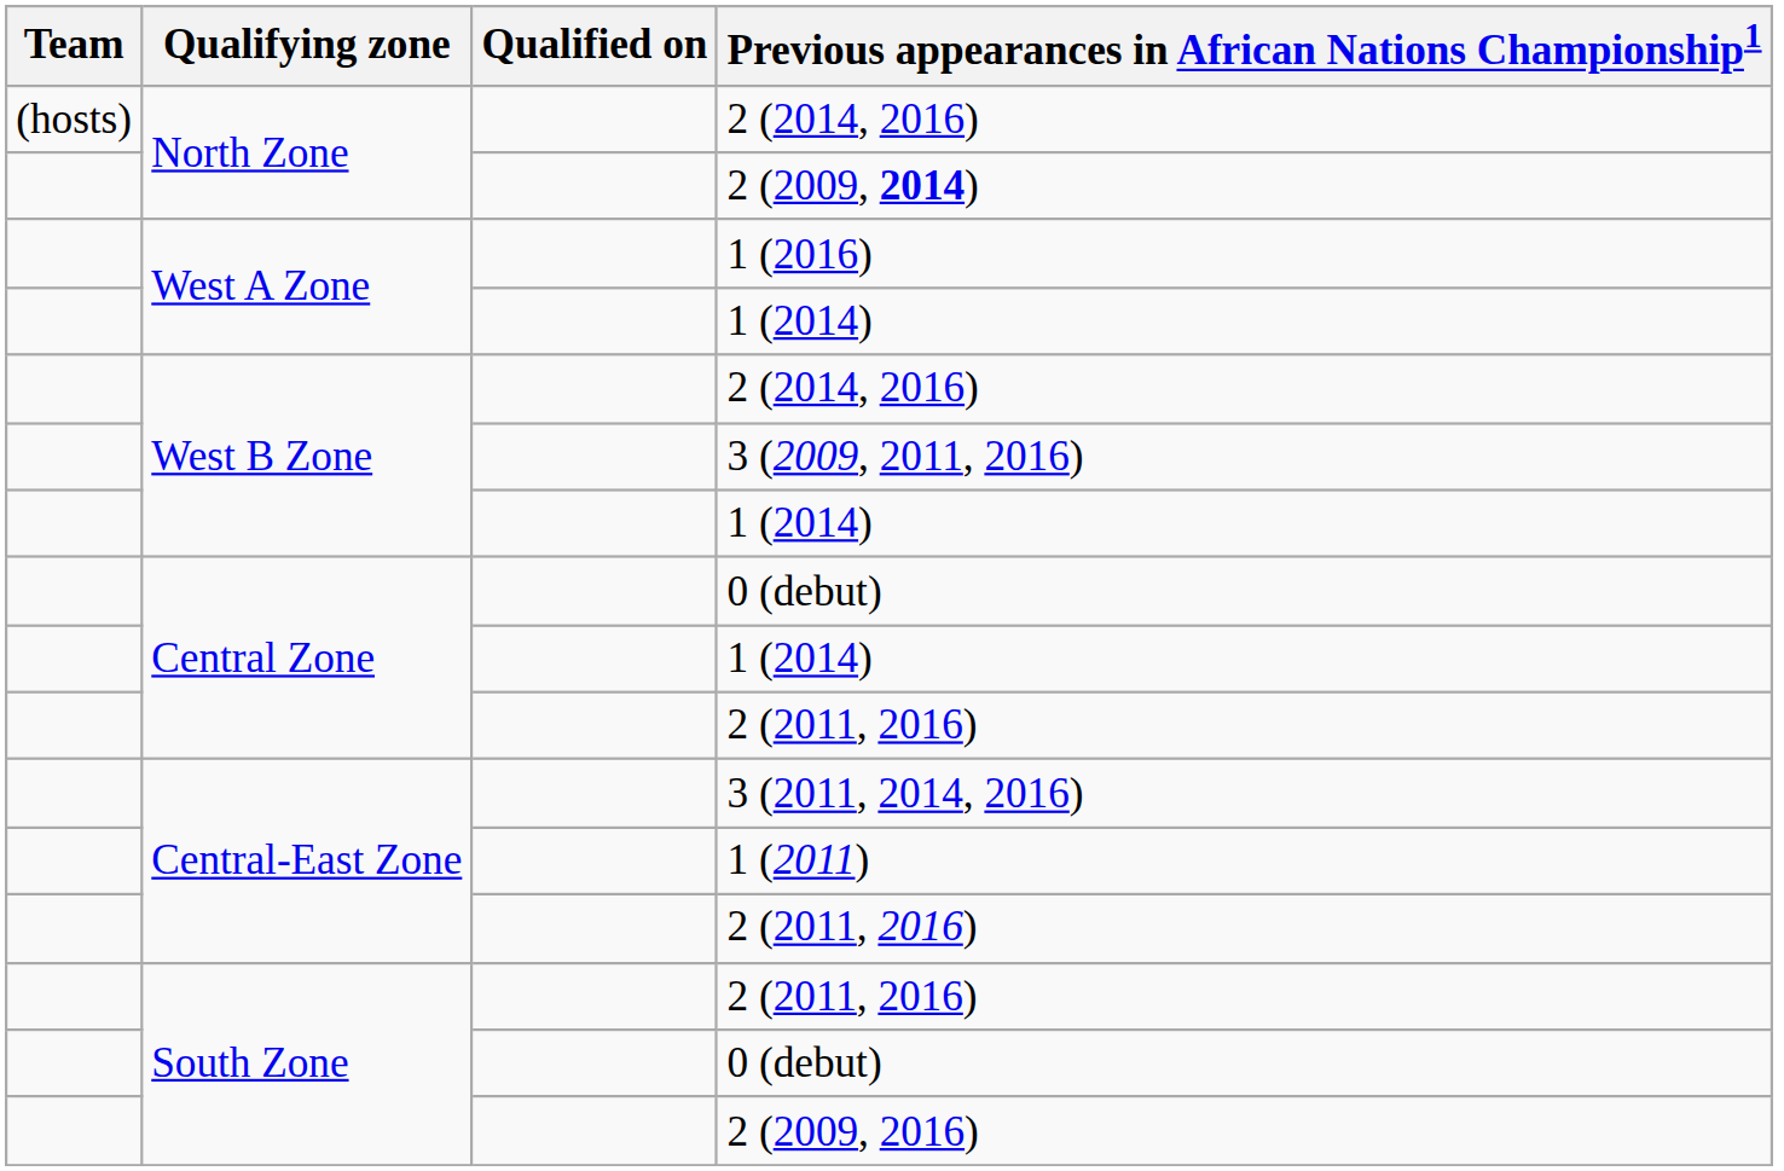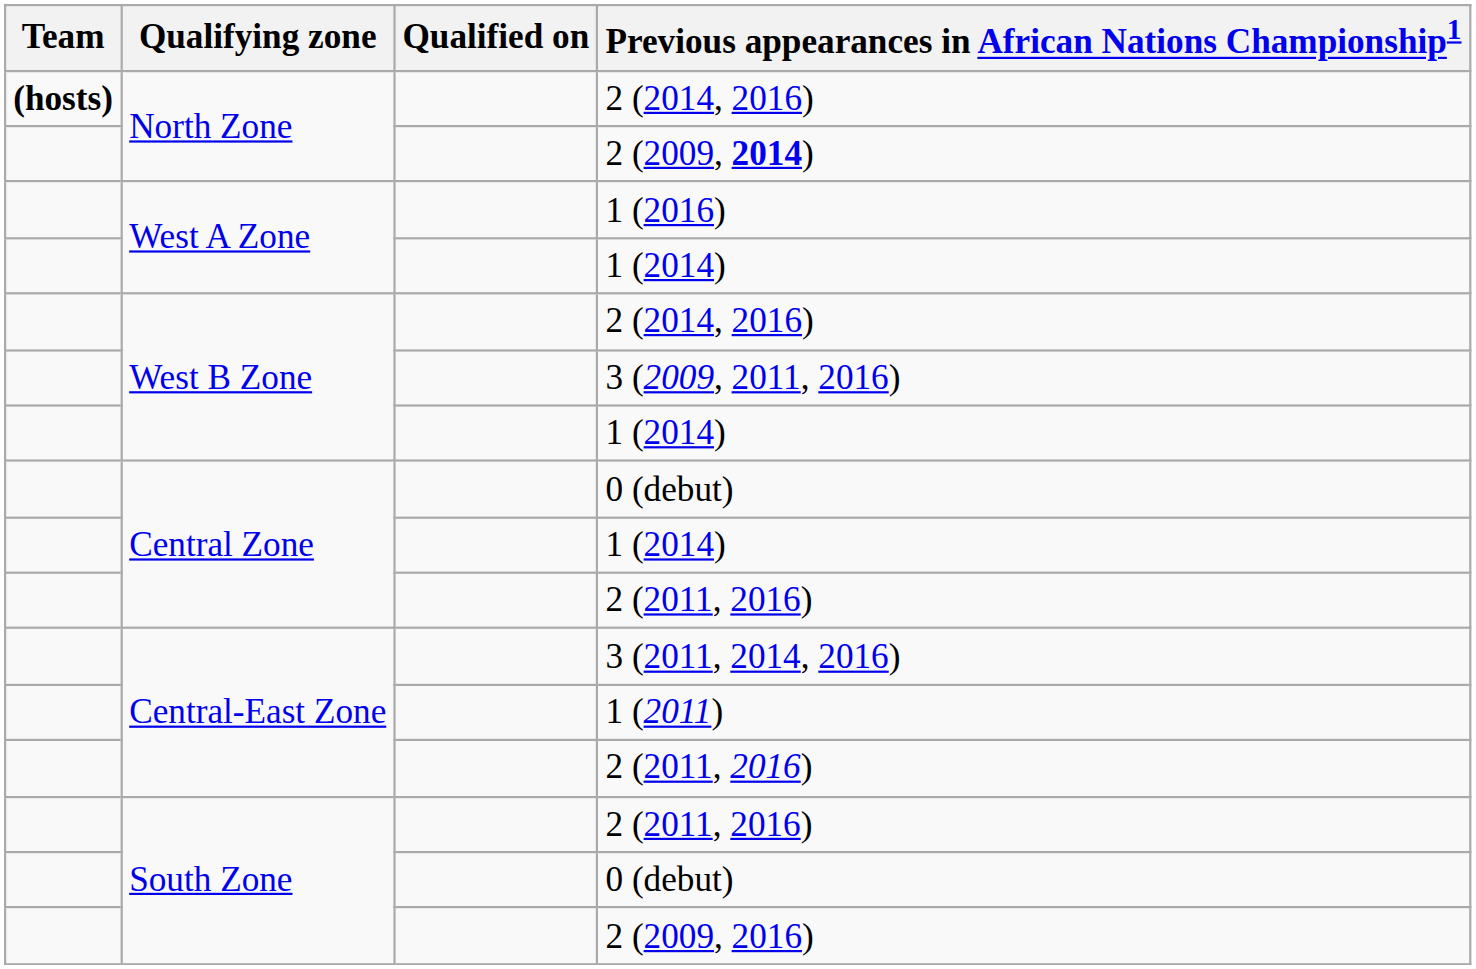 <table class="wikitable sortable" style="text-align: left;">
 <tr>
 <th>Team</th>
 <th>Qualifying zone</th>
 <th>Qualified on</th>
 <th data-sort-type="number">Previous appearances in <a href='#'>African Nations Championship</a><sup><strong><a href='#'>1</a></strong></sup></th>
 </tr>
 <tr>
-<td> (hosts)</td>
+<td><strong> (hosts)</strong></td>
 <td rowspan="2"><a href='#'>North Zone</a></td>
 <td></td>
 <td>2 (<a href='#'>2014</a>, <a href='#'>2016</a>)</td>
 </tr>
 <tr>
 <td></td>
 <td></td>
 <td>2 (<a href='#'>2009</a>, <strong><a href='#'>2014</a></strong>)</td>
 </tr>
 <tr>
 <td></td>
 <td rowspan="2"><a href='#'>West A Zone</a></td>
 <td></td>
 <td>1 (<a href='#'>2016</a>)</td>
 </tr>
 <tr>
 <td></td>
 <td></td>
 <td>1 (<a href='#'>2014</a>)</td>
 </tr>
 <tr>
 <td></td>
 <td rowspan="3"><a href='#'>West B Zone</a></td>
 <td></td>
 <td>2 (<a href='#'>2014</a>, <a href='#'>2016</a>)</td>
 </tr>
 <tr>
 <td></td>
 <td></td>
 <td>3 (<em><a href='#'>2009</a></em>, <a href='#'>2011</a>, <a href='#'>2016</a>)</td>
 </tr>
 <tr>
 <td></td>
 <td></td>
 <td>1 (<a href='#'>2014</a>)</td>
 </tr>
 <tr>
 <td></td>
 <td rowspan="3"><a href='#'>Central Zone</a></td>
 <td></td>
 <td>0 (debut)</td>
 </tr>
 <tr>
 <td></td>
 <td></td>
 <td>1 (<a href='#'>2014</a>)</td>
 </tr>
 <tr>
 <td></td>
 <td></td>
 <td>2 (<a href='#'>2011</a>, <a href='#'>2016</a>)</td>
 </tr>
 <tr>
 <td></td>
 <td rowspan="3"><a href='#'>Central-East Zone</a></td>
 <td></td>
 <td>3 (<a href='#'>2011</a>, <a href='#'>2014</a>, <a href='#'>2016</a>)</td>
 </tr>
 <tr>
 <td></td>
 <td></td>
 <td>1 (<em><a href='#'>2011</a></em>)</td>
 </tr>
 <tr>
 <td></td>
 <td></td>
 <td>2 (<a href='#'>2011</a>, <em><a href='#'>2016</a></em>)</td>
 </tr>
 <tr>
 <td></td>
 <td rowspan="3"><a href='#'>South Zone</a></td>
 <td></td>
 <td>2 (<a href='#'>2011</a>, <a href='#'>2016</a>)</td>
 </tr>
 <tr>
 <td></td>
 <td></td>
 <td>0 (debut)</td>
 </tr>
 <tr>
 <td></td>
 <td></td>
 <td>2 (<a href='#'>2009</a>, <a href='#'>2016</a>)</td>
 </tr>
 </table>
